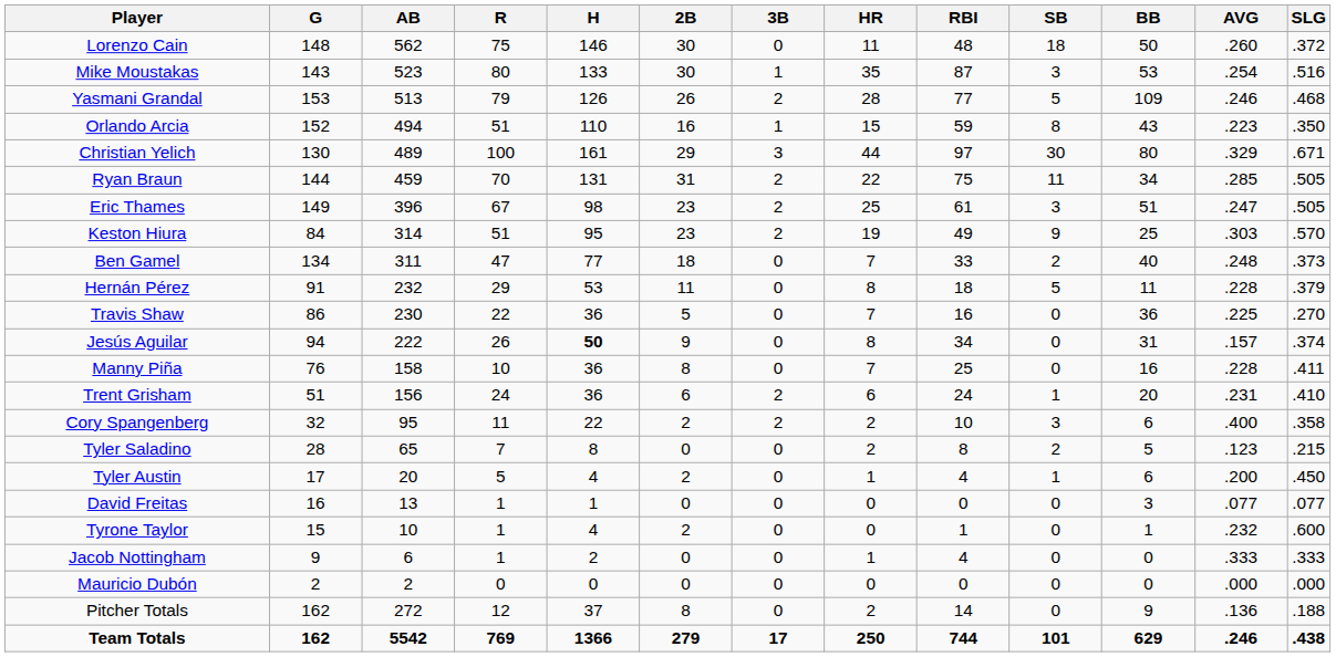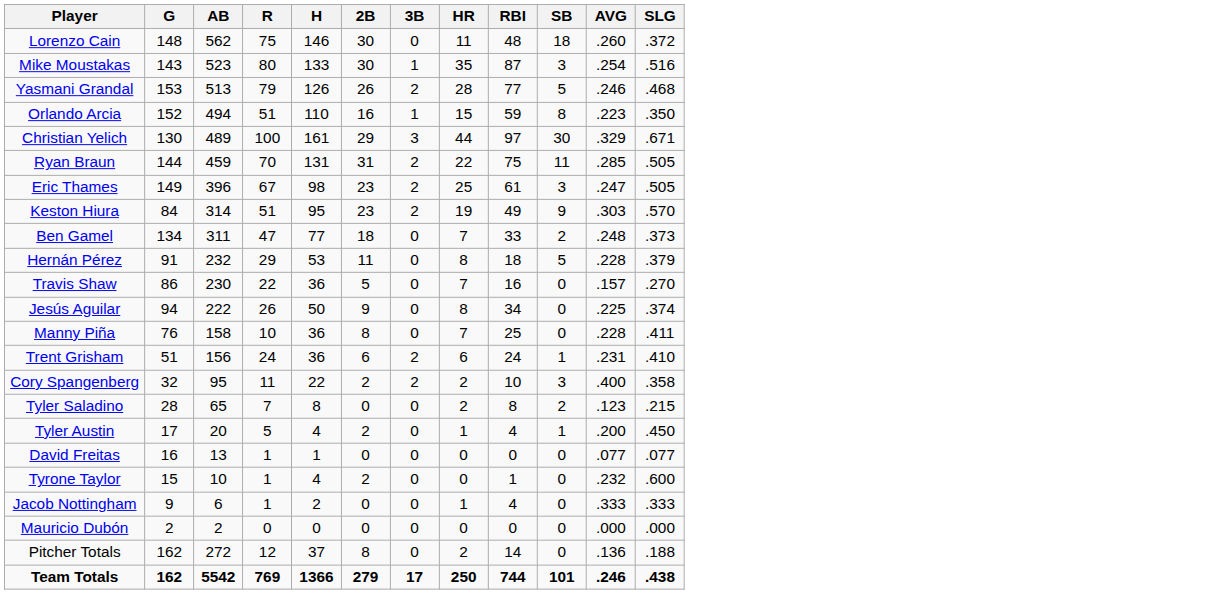 <table class=wikitable style="text-align:center">
 <tr>
 <th bgcolor=#DDDDFF; width="20%">Player</th>
 <th bgcolor=#DDDDFF; width="7%">G</th>
 <th bgcolor=#DDDDFF; width="7%">AB</th>
 <th bgcolor=#DDDDFF; width="7%">R</th>
 <th bgcolor=#DDDDFF; width="7%'">H</th>
 <th bgcolor=#DDDDFF; width="7%">2B</th>
 <th bgcolor=#DDDDFF; width="7%">3B</th>
 <th bgcolor=#DDDDFF; width="7%">HR</th>
 <th bgcolor=#DDDDFF; width="7%">RBI</th>
 <th bgcolor=#DDDDFF; width="7%">SB</th>
-<th bgcolor=#DDDDFF; width="7%">BB</th>
 <th bgcolor=#DDDDFF; width="7%">AVG</th>
 <th bgcolor=#DDDDFF; width="7%">SLG</th>
 </tr>
 <tr>
 <td><a href='#'>Lorenzo Cain</a></td>
 <td>148</td>
 <td>562</td>
 <td>75</td>
 <td>146</td>
 <td>30</td>
 <td>0</td>
 <td>11</td>
 <td>48</td>
 <td>18</td>
-<td>50</td>
 <td>.260</td>
 <td>.372</td>
 </tr>
 <tr>
 <td><a href='#'>Mike Moustakas</a></td>
 <td>143</td>
 <td>523</td>
 <td>80</td>
 <td>133</td>
 <td>30</td>
 <td>1</td>
 <td>35</td>
 <td>87</td>
 <td>3</td>
-<td>53</td>
 <td>.254</td>
 <td>.516</td>
 </tr>
 <tr>
 <td><a href='#'>Yasmani Grandal</a></td>
 <td>153</td>
 <td>513</td>
 <td>79</td>
 <td>126</td>
 <td>26</td>
 <td>2</td>
 <td>28</td>
 <td>77</td>
 <td>5</td>
-<td>109</td>
 <td>.246</td>
 <td>.468</td>
 </tr>
 <tr>
 <td><a href='#'>Orlando Arcia</a></td>
 <td>152</td>
 <td>494</td>
 <td>51</td>
 <td>110</td>
 <td>16</td>
 <td>1</td>
 <td>15</td>
 <td>59</td>
 <td>8</td>
-<td>43</td>
 <td>.223</td>
 <td>.350</td>
 </tr>
 <tr>
 <td><a href='#'>Christian Yelich</a></td>
 <td>130</td>
 <td>489</td>
 <td>100</td>
 <td>161</td>
 <td>29</td>
 <td>3</td>
 <td>44</td>
 <td>97</td>
 <td>30</td>
-<td>80</td>
 <td>.329</td>
 <td>.671</td>
 </tr>
 <tr>
 <td><a href='#'>Ryan Braun</a></td>
 <td>144</td>
 <td>459</td>
 <td>70</td>
 <td>131</td>
 <td>31</td>
 <td>2</td>
 <td>22</td>
 <td>75</td>
 <td>11</td>
-<td>34</td>
 <td>.285</td>
 <td>.505</td>
 </tr>
 <tr>
 <td><a href='#'>Eric Thames</a></td>
 <td>149</td>
 <td>396</td>
 <td>67</td>
 <td>98</td>
 <td>23</td>
 <td>2</td>
 <td>25</td>
 <td>61</td>
 <td>3</td>
-<td>51</td>
 <td>.247</td>
 <td>.505</td>
 </tr>
 <tr>
 <td><a href='#'>Keston Hiura</a></td>
 <td>84</td>
 <td>314</td>
 <td>51</td>
 <td>95</td>
 <td>23</td>
 <td>2</td>
 <td>19</td>
 <td>49</td>
 <td>9</td>
-<td>25</td>
 <td>.303</td>
 <td>.570</td>
 </tr>
 <tr>
 <td><a href='#'>Ben Gamel</a></td>
 <td>134</td>
 <td>311</td>
 <td>47</td>
 <td>77</td>
 <td>18</td>
 <td>0</td>
 <td>7</td>
 <td>33</td>
 <td>2</td>
-<td>40</td>
 <td>.248</td>
 <td>.373</td>
 </tr>
 <tr>
 <td><a href='#'>Hernán Pérez</a></td>
 <td>91</td>
 <td>232</td>
 <td>29</td>
 <td>53</td>
 <td>11</td>
 <td>0</td>
 <td>8</td>
 <td>18</td>
 <td>5</td>
-<td>11</td>
 <td>.228</td>
 <td>.379</td>
 </tr>
 <tr>
 <td><a href='#'>Travis Shaw</a></td>
 <td>86</td>
 <td>230</td>
 <td>22</td>
 <td>36</td>
 <td>5</td>
 <td>0</td>
 <td>7</td>
 <td>16</td>
 <td>0</td>
-<td>36</td>
-<td>.225</td>
+<td>.157</td>
 <td>.270</td>
 </tr>
 <tr>
 <td><a href='#'>Jesús Aguilar</a></td>
 <td>94</td>
 <td>222</td>
 <td>26</td>
-<td><strong>50</strong></td>
+<td>50</td>
 <td>9</td>
 <td>0</td>
 <td>8</td>
 <td>34</td>
 <td>0</td>
-<td>31</td>
-<td>.157</td>
+<td>.225</td>
 <td>.374</td>
 </tr>
 <tr>
 <td><a href='#'>Manny Piña</a></td>
 <td>76</td>
 <td>158</td>
 <td>10</td>
 <td>36</td>
 <td>8</td>
 <td>0</td>
 <td>7</td>
 <td>25</td>
 <td>0</td>
-<td>16</td>
 <td>.228</td>
 <td>.411</td>
 </tr>
 <tr>
 <td><a href='#'>Trent Grisham</a></td>
 <td>51</td>
 <td>156</td>
 <td>24</td>
 <td>36</td>
 <td>6</td>
 <td>2</td>
 <td>6</td>
 <td>24</td>
 <td>1</td>
-<td>20</td>
 <td>.231</td>
 <td>.410</td>
 </tr>
 <tr>
 <td><a href='#'>Cory Spangenberg</a></td>
 <td>32</td>
 <td>95</td>
 <td>11</td>
 <td>22</td>
 <td>2</td>
 <td>2</td>
 <td>2</td>
 <td>10</td>
 <td>3</td>
-<td>6</td>
 <td>.400</td>
 <td>.358</td>
 </tr>
 <tr>
 <td><a href='#'>Tyler Saladino</a></td>
 <td>28</td>
 <td>65</td>
 <td>7</td>
 <td>8</td>
 <td>0</td>
 <td>0</td>
 <td>2</td>
 <td>8</td>
 <td>2</td>
-<td>5</td>
 <td>.123</td>
 <td>.215</td>
 </tr>
 <tr>
 <td><a href='#'>Tyler Austin</a></td>
 <td>17</td>
 <td>20</td>
 <td>5</td>
 <td>4</td>
 <td>2</td>
 <td>0</td>
 <td>1</td>
 <td>4</td>
 <td>1</td>
-<td>6</td>
 <td>.200</td>
 <td>.450</td>
 </tr>
 <tr>
 <td><a href='#'>David Freitas</a></td>
 <td>16</td>
 <td>13</td>
 <td>1</td>
 <td>1</td>
 <td>0</td>
 <td>0</td>
 <td>0</td>
 <td>0</td>
 <td>0</td>
-<td>3</td>
 <td>.077</td>
 <td>.077</td>
 </tr>
 <tr>
 <td><a href='#'>Tyrone Taylor</a></td>
 <td>15</td>
 <td>10</td>
 <td>1</td>
 <td>4</td>
 <td>2</td>
 <td>0</td>
 <td>0</td>
 <td>1</td>
 <td>0</td>
-<td>1</td>
 <td>.232</td>
 <td>.600</td>
 </tr>
 <tr>
 <td><a href='#'>Jacob Nottingham</a></td>
 <td>9</td>
 <td>6</td>
 <td>1</td>
 <td>2</td>
 <td>0</td>
 <td>0</td>
 <td>1</td>
 <td>4</td>
 <td>0</td>
-<td>0</td>
 <td>.333</td>
 <td>.333</td>
 </tr>
 <tr>
 <td><a href='#'>Mauricio Dubón</a></td>
 <td>2</td>
 <td>2</td>
-<td>0</td>
 <td>0</td>
 <td>0</td>
 <td>0</td>
 <td>0</td>
 <td>0</td>
 <td>0</td>
 <td>0</td>
 <td>.000</td>
 <td>.000</td>
 </tr>
 <tr>
 <td>Pitcher Totals</td>
 <td>162</td>
 <td>272</td>
 <td>12</td>
 <td>37</td>
 <td>8</td>
 <td>0</td>
 <td>2</td>
 <td>14</td>
 <td>0</td>
-<td>9</td>
 <td>.136</td>
 <td>.188</td>
 </tr>
 <tr>
 <td><strong>Team Totals</strong></td>
 <td><strong>162</strong></td>
 <td><strong>5542</strong></td>
 <td><strong>769</strong></td>
 <td><strong>1366</strong></td>
 <td><strong>279</strong></td>
 <td><strong>17</strong></td>
 <td><strong>250</strong></td>
 <td><strong>744</strong></td>
 <td><strong>101</strong></td>
-<td><strong>629</strong></td>
 <td><strong>.246</strong></td>
 <td><strong>.438</strong></td>
 </tr>
 </table>
